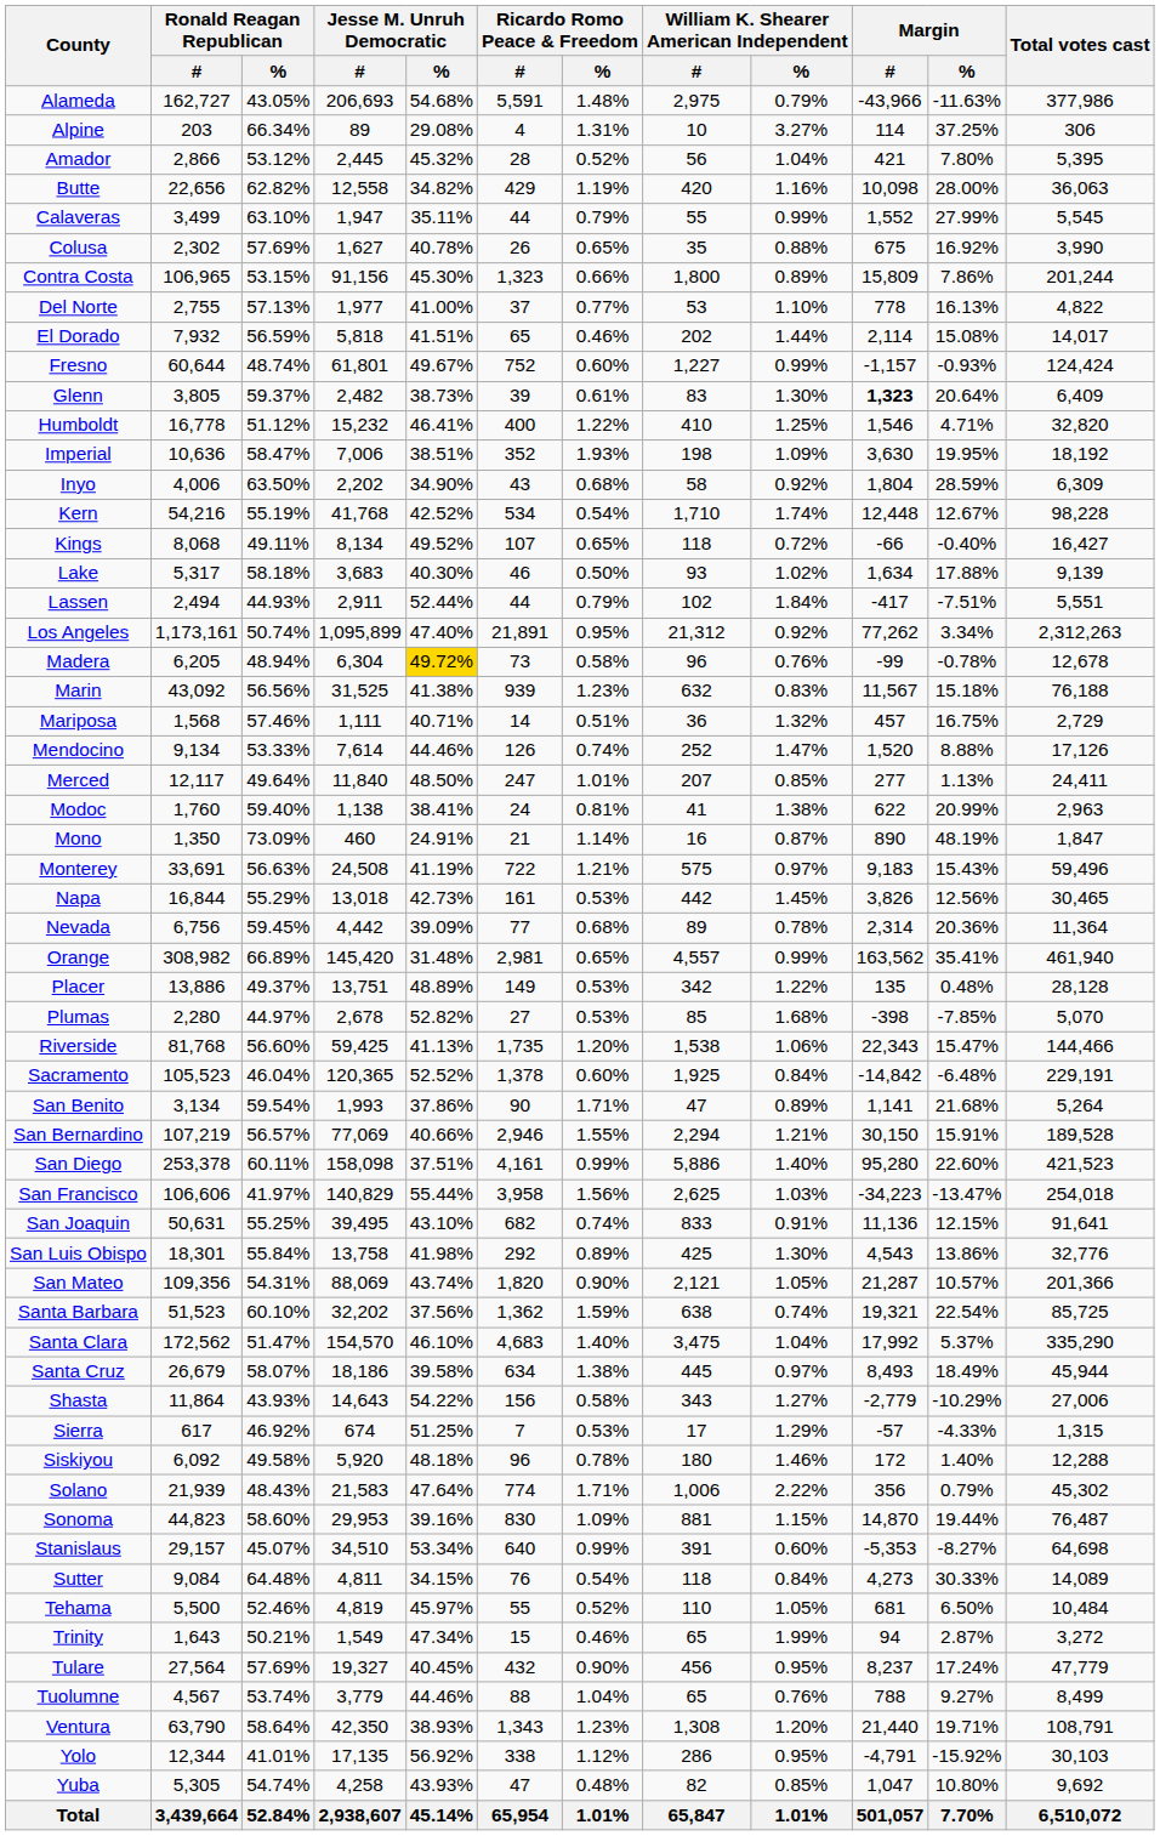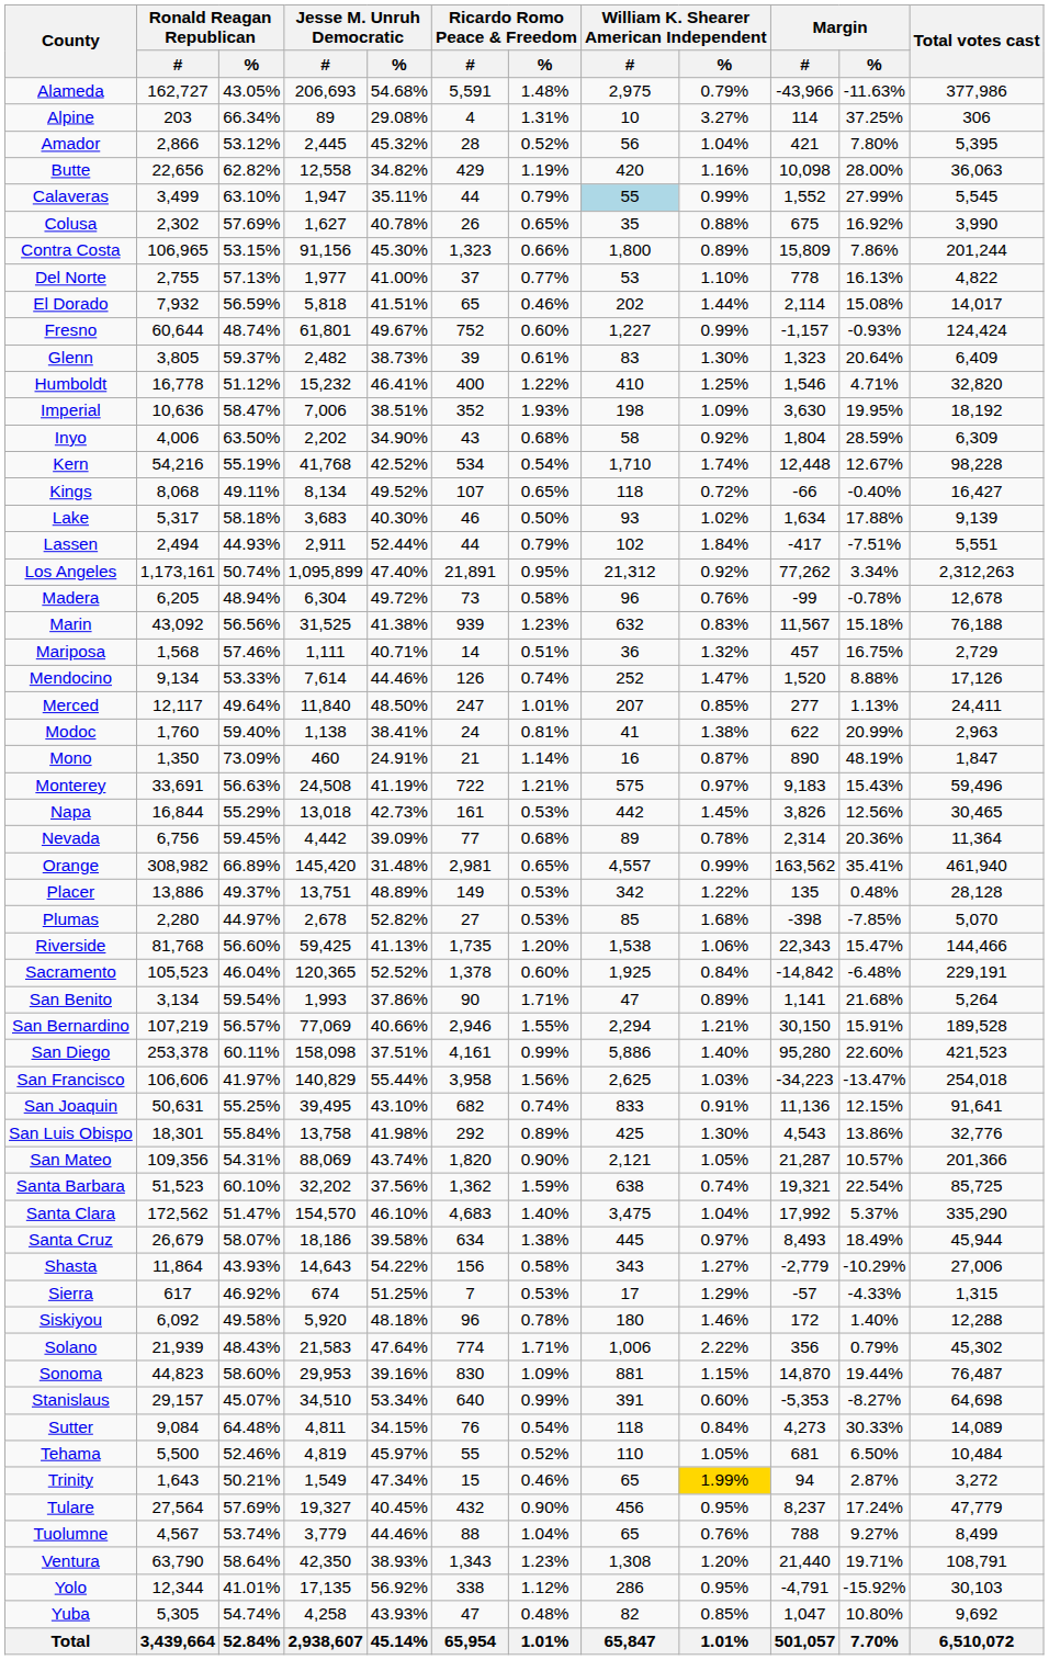 <table class="wikitable sortable" style="text-align:center">
 <tr>
 <th rowspan="2">County</th>
 <th style="text-align:center;" colspan="2">Ronald Reagan<br>Republican</th>
 <th style="text-align:center;" colspan="2">Jesse M. Unruh<br>Democratic</th>
 <th style="text-align:center;" colspan="2">Ricardo Romo<br>Peace & Freedom</th>
 <th style="text-align:center;" colspan="2">William K. Shearer<br>American Independent</th>
 <th style="text-align:center;" colspan="2">Margin</th>
 <th style="text-align:center;" rowspan="2">Total votes cast</th>
 </tr>
 <tr>
 <th style="text-align:center;" data-sort-type="number">#</th>
 <th style="text-align:center;" data-sort-type="number">%</th>
 <th style="text-align:center;" data-sort-type="number">#</th>
 <th style="text-align:center;" data-sort-type="number">%</th>
 <th style="text-align:center;" data-sort-type="number">#</th>
 <th style="text-align:center;" data-sort-type="number">%</th>
 <th style="text-align:center;" data-sort-type="number">#</th>
 <th style="text-align:center;" data-sort-type="number">%</th>
 <th style="text-align:center;" data-sort-type="number">#</th>
 <th style="text-align:center;" data-sort-type="number">%</th>
 </tr>
 <tr style="text-align:center;">
 <td><a href='#'>Alameda</a></td>
 <td>162,727</td>
 <td>43.05%</td>
 <td>206,693</td>
 <td>54.68%</td>
 <td>5,591</td>
 <td>1.48%</td>
 <td>2,975</td>
 <td>0.79%</td>
 <td>-43,966</td>
 <td>-11.63%</td>
 <td>377,986</td>
 </tr>
 <tr style="text-align:center;">
 <td><a href='#'>Alpine</a></td>
 <td>203</td>
 <td>66.34%</td>
 <td>89</td>
 <td>29.08%</td>
 <td>4</td>
 <td>1.31%</td>
 <td>10</td>
 <td>3.27%</td>
 <td>114</td>
 <td>37.25%</td>
 <td>306</td>
 </tr>
 <tr style="text-align:center;">
 <td><a href='#'>Amador</a></td>
 <td>2,866</td>
 <td>53.12%</td>
 <td>2,445</td>
 <td>45.32%</td>
 <td>28</td>
 <td>0.52%</td>
 <td>56</td>
 <td>1.04%</td>
 <td>421</td>
 <td>7.80%</td>
 <td>5,395</td>
 </tr>
 <tr style="text-align:center;">
 <td><a href='#'>Butte</a></td>
 <td>22,656</td>
 <td>62.82%</td>
 <td>12,558</td>
 <td>34.82%</td>
 <td>429</td>
 <td>1.19%</td>
 <td>420</td>
 <td>1.16%</td>
 <td>10,098</td>
 <td>28.00%</td>
 <td>36,063</td>
 </tr>
 <tr style="text-align:center;">
 <td><a href='#'>Calaveras</a></td>
 <td>3,499</td>
 <td>63.10%</td>
 <td>1,947</td>
 <td>35.11%</td>
 <td>44</td>
 <td>0.79%</td>
-<td>55</td>
+<td style="background: lightblue;">55</td>
 <td>0.99%</td>
 <td>1,552</td>
 <td>27.99%</td>
 <td>5,545</td>
 </tr>
 <tr style="text-align:center;">
 <td><a href='#'>Colusa</a></td>
 <td>2,302</td>
 <td>57.69%</td>
 <td>1,627</td>
 <td>40.78%</td>
 <td>26</td>
 <td>0.65%</td>
 <td>35</td>
 <td>0.88%</td>
 <td>675</td>
 <td>16.92%</td>
 <td>3,990</td>
 </tr>
 <tr style="text-align:center;">
 <td><a href='#'>Contra Costa</a></td>
 <td>106,965</td>
 <td>53.15%</td>
 <td>91,156</td>
 <td>45.30%</td>
 <td>1,323</td>
 <td>0.66%</td>
 <td>1,800</td>
 <td>0.89%</td>
 <td>15,809</td>
 <td>7.86%</td>
 <td>201,244</td>
 </tr>
 <tr style="text-align:center;">
 <td><a href='#'>Del Norte</a></td>
 <td>2,755</td>
 <td>57.13%</td>
 <td>1,977</td>
 <td>41.00%</td>
 <td>37</td>
 <td>0.77%</td>
 <td>53</td>
 <td>1.10%</td>
 <td>778</td>
 <td>16.13%</td>
 <td>4,822</td>
 </tr>
 <tr style="text-align:center;">
 <td><a href='#'>El Dorado</a></td>
 <td>7,932</td>
 <td>56.59%</td>
 <td>5,818</td>
 <td>41.51%</td>
 <td>65</td>
 <td>0.46%</td>
 <td>202</td>
 <td>1.44%</td>
 <td>2,114</td>
 <td>15.08%</td>
 <td>14,017</td>
 </tr>
 <tr style="text-align:center;">
 <td><a href='#'>Fresno</a></td>
 <td>60,644</td>
 <td>48.74%</td>
 <td>61,801</td>
 <td>49.67%</td>
 <td>752</td>
 <td>0.60%</td>
 <td>1,227</td>
 <td>0.99%</td>
 <td>-1,157</td>
 <td>-0.93%</td>
 <td>124,424</td>
 </tr>
 <tr style="text-align:center;">
 <td><a href='#'>Glenn</a></td>
 <td>3,805</td>
 <td>59.37%</td>
 <td>2,482</td>
 <td>38.73%</td>
 <td>39</td>
 <td>0.61%</td>
 <td>83</td>
 <td>1.30%</td>
-<td><strong>1,323</strong></td>
+<td>1,323</td>
 <td>20.64%</td>
 <td>6,409</td>
 </tr>
 <tr style="text-align:center;">
 <td><a href='#'>Humboldt</a></td>
 <td>16,778</td>
 <td>51.12%</td>
 <td>15,232</td>
 <td>46.41%</td>
 <td>400</td>
 <td>1.22%</td>
 <td>410</td>
 <td>1.25%</td>
 <td>1,546</td>
 <td>4.71%</td>
 <td>32,820</td>
 </tr>
 <tr style="text-align:center;">
 <td><a href='#'>Imperial</a></td>
 <td>10,636</td>
 <td>58.47%</td>
 <td>7,006</td>
 <td>38.51%</td>
 <td>352</td>
 <td>1.93%</td>
 <td>198</td>
 <td>1.09%</td>
 <td>3,630</td>
 <td>19.95%</td>
 <td>18,192</td>
 </tr>
 <tr style="text-align:center;">
 <td><a href='#'>Inyo</a></td>
 <td>4,006</td>
 <td>63.50%</td>
 <td>2,202</td>
 <td>34.90%</td>
 <td>43</td>
 <td>0.68%</td>
 <td>58</td>
 <td>0.92%</td>
 <td>1,804</td>
 <td>28.59%</td>
 <td>6,309</td>
 </tr>
 <tr style="text-align:center;">
 <td><a href='#'>Kern</a></td>
 <td>54,216</td>
 <td>55.19%</td>
 <td>41,768</td>
 <td>42.52%</td>
 <td>534</td>
 <td>0.54%</td>
 <td>1,710</td>
 <td>1.74%</td>
 <td>12,448</td>
 <td>12.67%</td>
 <td>98,228</td>
 </tr>
 <tr style="text-align:center;">
 <td><a href='#'>Kings</a></td>
 <td>8,068</td>
 <td>49.11%</td>
 <td>8,134</td>
 <td>49.52%</td>
 <td>107</td>
 <td>0.65%</td>
 <td>118</td>
 <td>0.72%</td>
 <td>-66</td>
 <td>-0.40%</td>
 <td>16,427</td>
 </tr>
 <tr style="text-align:center;">
 <td><a href='#'>Lake</a></td>
 <td>5,317</td>
 <td>58.18%</td>
 <td>3,683</td>
 <td>40.30%</td>
 <td>46</td>
 <td>0.50%</td>
 <td>93</td>
 <td>1.02%</td>
 <td>1,634</td>
 <td>17.88%</td>
 <td>9,139</td>
 </tr>
 <tr style="text-align:center;">
 <td><a href='#'>Lassen</a></td>
 <td>2,494</td>
 <td>44.93%</td>
 <td>2,911</td>
 <td>52.44%</td>
 <td>44</td>
 <td>0.79%</td>
 <td>102</td>
 <td>1.84%</td>
 <td>-417</td>
 <td>-7.51%</td>
 <td>5,551</td>
 </tr>
 <tr style="text-align:center;">
 <td><a href='#'>Los Angeles</a></td>
 <td>1,173,161</td>
 <td>50.74%</td>
 <td>1,095,899</td>
 <td>47.40%</td>
 <td>21,891</td>
 <td>0.95%</td>
 <td>21,312</td>
 <td>0.92%</td>
 <td>77,262</td>
 <td>3.34%</td>
 <td>2,312,263</td>
 </tr>
 <tr style="text-align:center;">
 <td><a href='#'>Madera</a></td>
 <td>6,205</td>
 <td>48.94%</td>
 <td>6,304</td>
-<td style="background: gold;">49.72%</td>
+<td>49.72%</td>
 <td>73</td>
 <td>0.58%</td>
 <td>96</td>
 <td>0.76%</td>
 <td>-99</td>
 <td>-0.78%</td>
 <td>12,678</td>
 </tr>
 <tr style="text-align:center;">
 <td><a href='#'>Marin</a></td>
 <td>43,092</td>
 <td>56.56%</td>
 <td>31,525</td>
 <td>41.38%</td>
 <td>939</td>
 <td>1.23%</td>
 <td>632</td>
 <td>0.83%</td>
 <td>11,567</td>
 <td>15.18%</td>
 <td>76,188</td>
 </tr>
 <tr style="text-align:center;">
 <td><a href='#'>Mariposa</a></td>
 <td>1,568</td>
 <td>57.46%</td>
 <td>1,111</td>
 <td>40.71%</td>
 <td>14</td>
 <td>0.51%</td>
 <td>36</td>
 <td>1.32%</td>
 <td>457</td>
 <td>16.75%</td>
 <td>2,729</td>
 </tr>
 <tr style="text-align:center;">
 <td><a href='#'>Mendocino</a></td>
 <td>9,134</td>
 <td>53.33%</td>
 <td>7,614</td>
 <td>44.46%</td>
 <td>126</td>
 <td>0.74%</td>
 <td>252</td>
 <td>1.47%</td>
 <td>1,520</td>
 <td>8.88%</td>
 <td>17,126</td>
 </tr>
 <tr style="text-align:center;">
 <td><a href='#'>Merced</a></td>
 <td>12,117</td>
 <td>49.64%</td>
 <td>11,840</td>
 <td>48.50%</td>
 <td>247</td>
 <td>1.01%</td>
 <td>207</td>
 <td>0.85%</td>
 <td>277</td>
 <td>1.13%</td>
 <td>24,411</td>
 </tr>
 <tr style="text-align:center;">
 <td><a href='#'>Modoc</a></td>
 <td>1,760</td>
 <td>59.40%</td>
 <td>1,138</td>
 <td>38.41%</td>
 <td>24</td>
 <td>0.81%</td>
 <td>41</td>
 <td>1.38%</td>
 <td>622</td>
 <td>20.99%</td>
 <td>2,963</td>
 </tr>
 <tr style="text-align:center;">
 <td><a href='#'>Mono</a></td>
 <td>1,350</td>
 <td>73.09%</td>
 <td>460</td>
 <td>24.91%</td>
 <td>21</td>
 <td>1.14%</td>
 <td>16</td>
 <td>0.87%</td>
 <td>890</td>
 <td>48.19%</td>
 <td>1,847</td>
 </tr>
 <tr style="text-align:center;">
 <td><a href='#'>Monterey</a></td>
 <td>33,691</td>
 <td>56.63%</td>
 <td>24,508</td>
 <td>41.19%</td>
 <td>722</td>
 <td>1.21%</td>
 <td>575</td>
 <td>0.97%</td>
 <td>9,183</td>
 <td>15.43%</td>
 <td>59,496</td>
 </tr>
 <tr style="text-align:center;">
 <td><a href='#'>Napa</a></td>
 <td>16,844</td>
 <td>55.29%</td>
 <td>13,018</td>
 <td>42.73%</td>
 <td>161</td>
 <td>0.53%</td>
 <td>442</td>
 <td>1.45%</td>
 <td>3,826</td>
 <td>12.56%</td>
 <td>30,465</td>
 </tr>
 <tr style="text-align:center;">
 <td><a href='#'>Nevada</a></td>
 <td>6,756</td>
 <td>59.45%</td>
 <td>4,442</td>
 <td>39.09%</td>
 <td>77</td>
 <td>0.68%</td>
 <td>89</td>
 <td>0.78%</td>
 <td>2,314</td>
 <td>20.36%</td>
 <td>11,364</td>
 </tr>
 <tr style="text-align:center;">
 <td><a href='#'>Orange</a></td>
 <td>308,982</td>
 <td>66.89%</td>
 <td>145,420</td>
 <td>31.48%</td>
 <td>2,981</td>
 <td>0.65%</td>
 <td>4,557</td>
 <td>0.99%</td>
 <td>163,562</td>
 <td>35.41%</td>
 <td>461,940</td>
 </tr>
 <tr style="text-align:center;">
 <td><a href='#'>Placer</a></td>
 <td>13,886</td>
 <td>49.37%</td>
 <td>13,751</td>
 <td>48.89%</td>
 <td>149</td>
 <td>0.53%</td>
 <td>342</td>
 <td>1.22%</td>
 <td>135</td>
 <td>0.48%</td>
 <td>28,128</td>
 </tr>
 <tr style="text-align:center;">
 <td><a href='#'>Plumas</a></td>
 <td>2,280</td>
 <td>44.97%</td>
 <td>2,678</td>
 <td>52.82%</td>
 <td>27</td>
 <td>0.53%</td>
 <td>85</td>
 <td>1.68%</td>
 <td>-398</td>
 <td>-7.85%</td>
 <td>5,070</td>
 </tr>
 <tr style="text-align:center;">
 <td><a href='#'>Riverside</a></td>
 <td>81,768</td>
 <td>56.60%</td>
 <td>59,425</td>
 <td>41.13%</td>
 <td>1,735</td>
 <td>1.20%</td>
 <td>1,538</td>
 <td>1.06%</td>
 <td>22,343</td>
 <td>15.47%</td>
 <td>144,466</td>
 </tr>
 <tr style="text-align:center;">
 <td><a href='#'>Sacramento</a></td>
 <td>105,523</td>
 <td>46.04%</td>
 <td>120,365</td>
 <td>52.52%</td>
 <td>1,378</td>
 <td>0.60%</td>
 <td>1,925</td>
 <td>0.84%</td>
 <td>-14,842</td>
 <td>-6.48%</td>
 <td>229,191</td>
 </tr>
 <tr style="text-align:center;">
 <td><a href='#'>San Benito</a></td>
 <td>3,134</td>
 <td>59.54%</td>
 <td>1,993</td>
 <td>37.86%</td>
 <td>90</td>
 <td>1.71%</td>
 <td>47</td>
 <td>0.89%</td>
 <td>1,141</td>
 <td>21.68%</td>
 <td>5,264</td>
 </tr>
 <tr style="text-align:center;">
 <td><a href='#'>San Bernardino</a></td>
 <td>107,219</td>
 <td>56.57%</td>
 <td>77,069</td>
 <td>40.66%</td>
 <td>2,946</td>
 <td>1.55%</td>
 <td>2,294</td>
 <td>1.21%</td>
 <td>30,150</td>
 <td>15.91%</td>
 <td>189,528</td>
 </tr>
 <tr style="text-align:center;">
 <td><a href='#'>San Diego</a></td>
 <td>253,378</td>
 <td>60.11%</td>
 <td>158,098</td>
 <td>37.51%</td>
 <td>4,161</td>
 <td>0.99%</td>
 <td>5,886</td>
 <td>1.40%</td>
 <td>95,280</td>
 <td>22.60%</td>
 <td>421,523</td>
 </tr>
 <tr style="text-align:center;">
 <td><a href='#'>San Francisco</a></td>
 <td>106,606</td>
 <td>41.97%</td>
 <td>140,829</td>
 <td>55.44%</td>
 <td>3,958</td>
 <td>1.56%</td>
 <td>2,625</td>
 <td>1.03%</td>
 <td>-34,223</td>
 <td>-13.47%</td>
 <td>254,018</td>
 </tr>
 <tr style="text-align:center;">
 <td><a href='#'>San Joaquin</a></td>
 <td>50,631</td>
 <td>55.25%</td>
 <td>39,495</td>
 <td>43.10%</td>
 <td>682</td>
 <td>0.74%</td>
 <td>833</td>
 <td>0.91%</td>
 <td>11,136</td>
 <td>12.15%</td>
 <td>91,641</td>
 </tr>
 <tr style="text-align:center;">
 <td><a href='#'>San Luis Obispo</a></td>
 <td>18,301</td>
 <td>55.84%</td>
 <td>13,758</td>
 <td>41.98%</td>
 <td>292</td>
 <td>0.89%</td>
 <td>425</td>
 <td>1.30%</td>
 <td>4,543</td>
 <td>13.86%</td>
 <td>32,776</td>
 </tr>
 <tr style="text-align:center;">
 <td><a href='#'>San Mateo</a></td>
 <td>109,356</td>
 <td>54.31%</td>
 <td>88,069</td>
 <td>43.74%</td>
 <td>1,820</td>
 <td>0.90%</td>
 <td>2,121</td>
 <td>1.05%</td>
 <td>21,287</td>
 <td>10.57%</td>
 <td>201,366</td>
 </tr>
 <tr style="text-align:center;">
 <td><a href='#'>Santa Barbara</a></td>
 <td>51,523</td>
 <td>60.10%</td>
 <td>32,202</td>
 <td>37.56%</td>
 <td>1,362</td>
 <td>1.59%</td>
 <td>638</td>
 <td>0.74%</td>
 <td>19,321</td>
 <td>22.54%</td>
 <td>85,725</td>
 </tr>
 <tr style="text-align:center;">
 <td><a href='#'>Santa Clara</a></td>
 <td>172,562</td>
 <td>51.47%</td>
 <td>154,570</td>
 <td>46.10%</td>
 <td>4,683</td>
 <td>1.40%</td>
 <td>3,475</td>
 <td>1.04%</td>
 <td>17,992</td>
 <td>5.37%</td>
 <td>335,290</td>
 </tr>
 <tr style="text-align:center;">
 <td><a href='#'>Santa Cruz</a></td>
 <td>26,679</td>
 <td>58.07%</td>
 <td>18,186</td>
 <td>39.58%</td>
 <td>634</td>
 <td>1.38%</td>
 <td>445</td>
 <td>0.97%</td>
 <td>8,493</td>
 <td>18.49%</td>
 <td>45,944</td>
 </tr>
 <tr style="text-align:center;">
 <td><a href='#'>Shasta</a></td>
 <td>11,864</td>
 <td>43.93%</td>
 <td>14,643</td>
 <td>54.22%</td>
 <td>156</td>
 <td>0.58%</td>
 <td>343</td>
 <td>1.27%</td>
 <td>-2,779</td>
 <td>-10.29%</td>
 <td>27,006</td>
 </tr>
 <tr style="text-align:center;">
 <td><a href='#'>Sierra</a></td>
 <td>617</td>
 <td>46.92%</td>
 <td>674</td>
 <td>51.25%</td>
 <td>7</td>
 <td>0.53%</td>
 <td>17</td>
 <td>1.29%</td>
 <td>-57</td>
 <td>-4.33%</td>
 <td>1,315</td>
 </tr>
 <tr style="text-align:center;">
 <td><a href='#'>Siskiyou</a></td>
 <td>6,092</td>
 <td>49.58%</td>
 <td>5,920</td>
 <td>48.18%</td>
 <td>96</td>
 <td>0.78%</td>
 <td>180</td>
 <td>1.46%</td>
 <td>172</td>
 <td>1.40%</td>
 <td>12,288</td>
 </tr>
 <tr style="text-align:center;">
 <td><a href='#'>Solano</a></td>
 <td>21,939</td>
 <td>48.43%</td>
 <td>21,583</td>
 <td>47.64%</td>
 <td>774</td>
 <td>1.71%</td>
 <td>1,006</td>
 <td>2.22%</td>
 <td>356</td>
 <td>0.79%</td>
 <td>45,302</td>
 </tr>
 <tr style="text-align:center;">
 <td><a href='#'>Sonoma</a></td>
 <td>44,823</td>
 <td>58.60%</td>
 <td>29,953</td>
 <td>39.16%</td>
 <td>830</td>
 <td>1.09%</td>
 <td>881</td>
 <td>1.15%</td>
 <td>14,870</td>
 <td>19.44%</td>
 <td>76,487</td>
 </tr>
 <tr style="text-align:center;">
 <td><a href='#'>Stanislaus</a></td>
 <td>29,157</td>
 <td>45.07%</td>
 <td>34,510</td>
 <td>53.34%</td>
 <td>640</td>
 <td>0.99%</td>
 <td>391</td>
 <td>0.60%</td>
 <td>-5,353</td>
 <td>-8.27%</td>
 <td>64,698</td>
 </tr>
 <tr style="text-align:center;">
 <td><a href='#'>Sutter</a></td>
 <td>9,084</td>
 <td>64.48%</td>
 <td>4,811</td>
 <td>34.15%</td>
 <td>76</td>
 <td>0.54%</td>
 <td>118</td>
 <td>0.84%</td>
 <td>4,273</td>
 <td>30.33%</td>
 <td>14,089</td>
 </tr>
 <tr style="text-align:center;">
 <td><a href='#'>Tehama</a></td>
 <td>5,500</td>
 <td>52.46%</td>
 <td>4,819</td>
 <td>45.97%</td>
 <td>55</td>
 <td>0.52%</td>
 <td>110</td>
 <td>1.05%</td>
 <td>681</td>
 <td>6.50%</td>
 <td>10,484</td>
 </tr>
 <tr style="text-align:center;">
 <td><a href='#'>Trinity</a></td>
 <td>1,643</td>
 <td>50.21%</td>
 <td>1,549</td>
 <td>47.34%</td>
 <td>15</td>
 <td>0.46%</td>
 <td>65</td>
-<td>1.99%</td>
+<td style="background: gold;">1.99%</td>
 <td>94</td>
 <td>2.87%</td>
 <td>3,272</td>
 </tr>
 <tr style="text-align:center;">
 <td><a href='#'>Tulare</a></td>
 <td>27,564</td>
 <td>57.69%</td>
 <td>19,327</td>
 <td>40.45%</td>
 <td>432</td>
 <td>0.90%</td>
 <td>456</td>
 <td>0.95%</td>
 <td>8,237</td>
 <td>17.24%</td>
 <td>47,779</td>
 </tr>
 <tr style="text-align:center;">
 <td><a href='#'>Tuolumne</a></td>
 <td>4,567</td>
 <td>53.74%</td>
 <td>3,779</td>
 <td>44.46%</td>
 <td>88</td>
 <td>1.04%</td>
 <td>65</td>
 <td>0.76%</td>
 <td>788</td>
 <td>9.27%</td>
 <td>8,499</td>
 </tr>
 <tr style="text-align:center;">
 <td><a href='#'>Ventura</a></td>
 <td>63,790</td>
 <td>58.64%</td>
 <td>42,350</td>
 <td>38.93%</td>
 <td>1,343</td>
 <td>1.23%</td>
 <td>1,308</td>
 <td>1.20%</td>
 <td>21,440</td>
 <td>19.71%</td>
 <td>108,791</td>
 </tr>
 <tr style="text-align:center;">
 <td><a href='#'>Yolo</a></td>
 <td>12,344</td>
 <td>41.01%</td>
 <td>17,135</td>
 <td>56.92%</td>
 <td>338</td>
 <td>1.12%</td>
 <td>286</td>
 <td>0.95%</td>
 <td>-4,791</td>
 <td>-15.92%</td>
 <td>30,103</td>
 </tr>
 <tr style="text-align:center;">
 <td><a href='#'>Yuba</a></td>
 <td>5,305</td>
 <td>54.74%</td>
 <td>4,258</td>
 <td>43.93%</td>
 <td>47</td>
 <td>0.48%</td>
 <td>82</td>
 <td>0.85%</td>
 <td>1,047</td>
 <td>10.80%</td>
 <td>9,692</td>
 </tr>
 <tr style="text-align:center;">
 <th>Total</th>
 <th>3,439,664</th>
 <th>52.84%</th>
 <th>2,938,607</th>
 <th>45.14%</th>
 <th>65,954</th>
 <th>1.01%</th>
 <th>65,847</th>
 <th>1.01%</th>
 <th>501,057</th>
 <th>7.70%</th>
 <th>6,510,072</th>
 </tr>
 </table>
